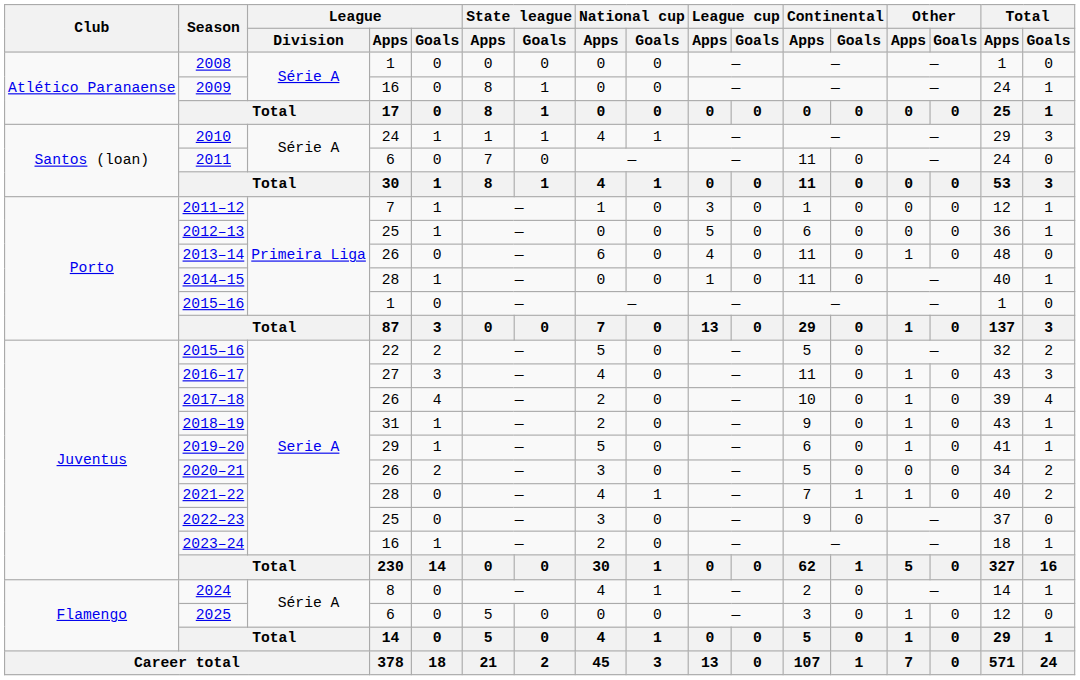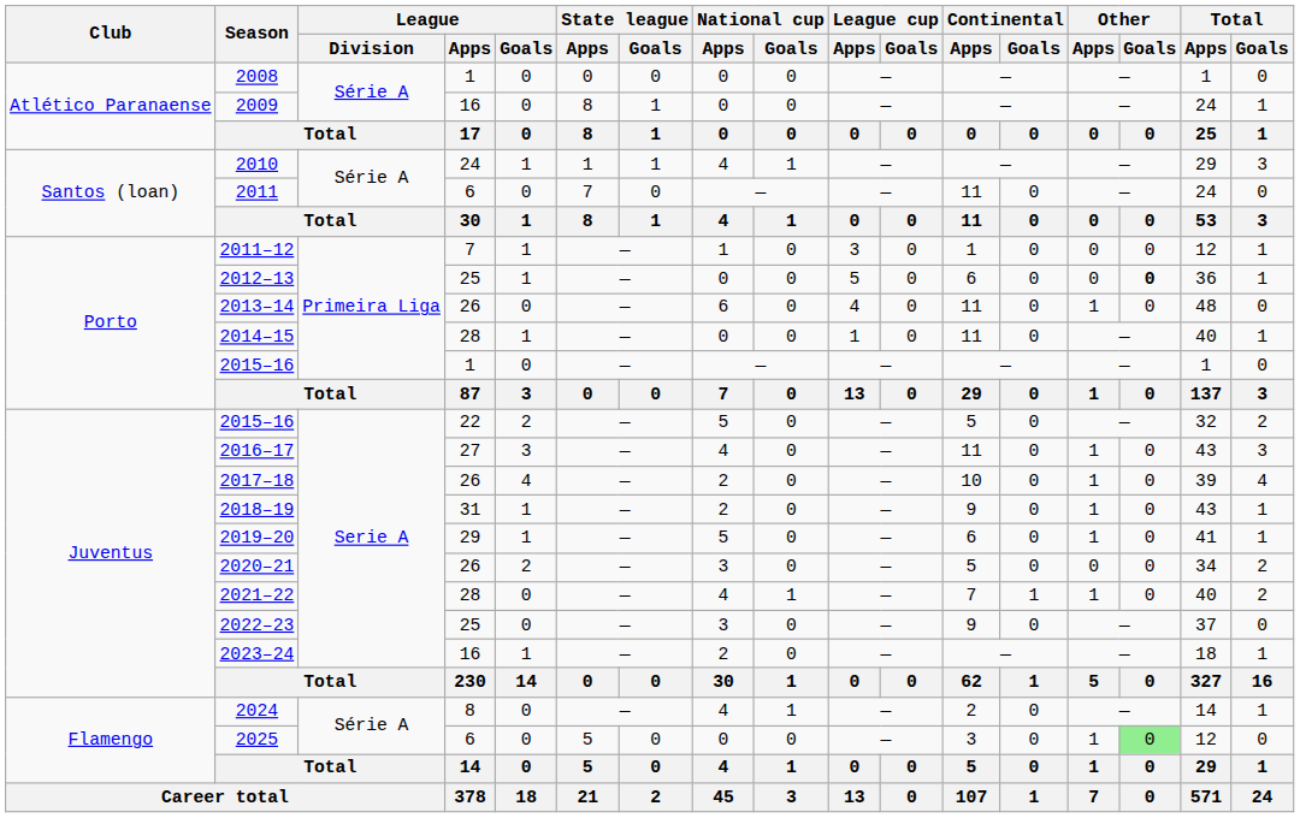 <table class="wikitable" style="text-align:center">
 <tr>
 <th rowspan="2">Club</th>
 <th rowspan="2">Season</th>
 <th colspan="3">League</th>
 <th colspan="2">State league</th>
 <th colspan="2">National cup</th>
 <th colspan="2">League cup</th>
 <th colspan="2">Continental</th>
 <th colspan="2">Other</th>
 <th colspan="2">Total</th>
 </tr>
 <tr>
 <th>Division</th>
 <th>Apps</th>
 <th>Goals</th>
 <th>Apps</th>
 <th>Goals</th>
 <th>Apps</th>
 <th>Goals</th>
 <th>Apps</th>
 <th>Goals</th>
 <th>Apps</th>
 <th>Goals</th>
 <th>Apps</th>
 <th>Goals</th>
 <th>Apps</th>
 <th>Goals</th>
 </tr>
 <tr>
 <td rowspan="3"><a href='#'>Atlético Paranaense</a></td>
 <td><a href='#'>2008</a></td>
 <td rowspan="2"><a href='#'>Série A</a></td>
 <td>1</td>
 <td>0</td>
 <td>0</td>
 <td>0</td>
 <td>0</td>
 <td>0</td>
 <td colspan="2">—</td>
 <td colspan="2">—</td>
 <td colspan="2">—</td>
 <td>1</td>
 <td>0</td>
 </tr>
 <tr>
 <td><a href='#'>2009</a></td>
 <td>16</td>
 <td>0</td>
 <td>8</td>
 <td>1</td>
 <td>0</td>
 <td>0</td>
 <td colspan="2">—</td>
 <td colspan="2">—</td>
 <td colspan="2">—</td>
 <td>24</td>
 <td>1</td>
 </tr>
 <tr>
 <th colspan="2">Total</th>
 <th>17</th>
 <th>0</th>
 <th>8</th>
 <th>1</th>
 <th>0</th>
 <th>0</th>
 <th>0</th>
 <th>0</th>
 <th>0</th>
 <th>0</th>
 <th>0</th>
 <th>0</th>
 <th>25</th>
 <th>1</th>
 </tr>
 <tr>
 <td rowspan="3"><a href='#'>Santos</a> (loan)</td>
 <td><a href='#'>2010</a></td>
 <td rowspan="2">Série A</td>
 <td>24</td>
 <td>1</td>
 <td>1</td>
 <td>1</td>
 <td>4</td>
 <td>1</td>
 <td colspan="2">—</td>
 <td colspan="2">—</td>
 <td colspan="2">—</td>
 <td>29</td>
 <td>3</td>
 </tr>
 <tr>
 <td><a href='#'>2011</a></td>
 <td>6</td>
 <td>0</td>
 <td>7</td>
 <td>0</td>
 <td colspan="2">—</td>
 <td colspan="2">—</td>
 <td>11</td>
 <td>0</td>
 <td colspan="2">—</td>
 <td>24</td>
 <td>0</td>
 </tr>
 <tr>
 <th colspan="2">Total</th>
 <th>30</th>
 <th>1</th>
 <th>8</th>
 <th>1</th>
 <th>4</th>
 <th>1</th>
 <th>0</th>
 <th>0</th>
 <th>11</th>
 <th>0</th>
 <th>0</th>
 <th>0</th>
 <th>53</th>
 <th>3</th>
 </tr>
 <tr>
 <td rowspan="6"><a href='#'>Porto</a></td>
 <td><a href='#'>2011–12</a></td>
 <td rowspan="5"><a href='#'>Primeira Liga</a></td>
 <td>7</td>
 <td>1</td>
 <td colspan="2">—</td>
 <td>1</td>
 <td>0</td>
 <td>3</td>
 <td>0</td>
 <td>1</td>
 <td>0</td>
 <td>0</td>
 <td>0</td>
 <td>12</td>
 <td>1</td>
 </tr>
 <tr>
 <td><a href='#'>2012–13</a></td>
 <td>25</td>
 <td>1</td>
 <td colspan="2">—</td>
 <td>0</td>
 <td>0</td>
 <td>5</td>
 <td>0</td>
 <td>6</td>
 <td>0</td>
 <td>0</td>
-<td>0</td>
+<td><strong>0</strong></td>
 <td>36</td>
 <td>1</td>
 </tr>
 <tr>
 <td><a href='#'>2013–14</a></td>
 <td>26</td>
 <td>0</td>
 <td colspan="2">—</td>
 <td>6</td>
 <td>0</td>
 <td>4</td>
 <td>0</td>
 <td>11</td>
 <td>0</td>
 <td>1</td>
 <td>0</td>
 <td>48</td>
 <td>0</td>
 </tr>
 <tr>
 <td><a href='#'>2014–15</a></td>
 <td>28</td>
 <td>1</td>
 <td colspan="2">—</td>
 <td>0</td>
 <td>0</td>
 <td>1</td>
 <td>0</td>
 <td>11</td>
 <td>0</td>
 <td colspan="2">—</td>
 <td>40</td>
 <td>1</td>
 </tr>
 <tr>
 <td><a href='#'>2015–16</a></td>
 <td>1</td>
 <td>0</td>
 <td colspan="2">—</td>
 <td colspan="2">—</td>
 <td colspan="2">—</td>
 <td colspan="2">—</td>
 <td colspan="2">—</td>
 <td>1</td>
 <td>0</td>
 </tr>
 <tr>
 <th colspan="2">Total</th>
 <th>87</th>
 <th>3</th>
 <th>0</th>
 <th>0</th>
 <th>7</th>
 <th>0</th>
 <th>13</th>
 <th>0</th>
 <th>29</th>
 <th>0</th>
 <th>1</th>
 <th>0</th>
 <th>137</th>
 <th>3</th>
 </tr>
 <tr>
 <td rowspan="10"><a href='#'>Juventus</a></td>
 <td><a href='#'>2015–16</a></td>
 <td rowspan="9"><a href='#'>Serie A</a></td>
 <td>22</td>
 <td>2</td>
 <td colspan="2">—</td>
 <td>5</td>
 <td>0</td>
 <td colspan="2">—</td>
 <td>5</td>
 <td>0</td>
 <td colspan="2">—</td>
 <td>32</td>
 <td>2</td>
 </tr>
 <tr>
 <td><a href='#'>2016–17</a></td>
 <td>27</td>
 <td>3</td>
 <td colspan="2">—</td>
 <td>4</td>
 <td>0</td>
 <td colspan="2">—</td>
 <td>11</td>
 <td>0</td>
 <td>1</td>
 <td>0</td>
 <td>43</td>
 <td>3</td>
 </tr>
 <tr>
 <td><a href='#'>2017–18</a></td>
 <td>26</td>
 <td>4</td>
 <td colspan="2">—</td>
 <td>2</td>
 <td>0</td>
 <td colspan="2">—</td>
 <td>10</td>
 <td>0</td>
 <td>1</td>
 <td>0</td>
 <td>39</td>
 <td>4</td>
 </tr>
 <tr>
 <td><a href='#'>2018–19</a></td>
 <td>31</td>
 <td>1</td>
 <td colspan="2">—</td>
 <td>2</td>
 <td>0</td>
 <td colspan="2">—</td>
 <td>9</td>
 <td>0</td>
 <td>1</td>
 <td>0</td>
 <td>43</td>
 <td>1</td>
 </tr>
 <tr>
 <td><a href='#'>2019–20</a></td>
 <td>29</td>
 <td>1</td>
 <td colspan="2">—</td>
 <td>5</td>
 <td>0</td>
 <td colspan="2">—</td>
 <td>6</td>
 <td>0</td>
 <td>1</td>
 <td>0</td>
 <td>41</td>
 <td>1</td>
 </tr>
 <tr>
 <td><a href='#'>2020–21</a></td>
 <td>26</td>
 <td>2</td>
 <td colspan="2">—</td>
 <td>3</td>
 <td>0</td>
 <td colspan="2">—</td>
 <td>5</td>
 <td>0</td>
 <td>0</td>
 <td>0</td>
 <td>34</td>
 <td>2</td>
 </tr>
 <tr>
 <td><a href='#'>2021–22</a></td>
 <td>28</td>
 <td>0</td>
 <td colspan="2">—</td>
 <td>4</td>
 <td>1</td>
 <td colspan="2">—</td>
 <td>7</td>
 <td>1</td>
 <td>1</td>
 <td>0</td>
 <td>40</td>
 <td>2</td>
 </tr>
 <tr>
 <td><a href='#'>2022–23</a></td>
 <td>25</td>
 <td>0</td>
 <td colspan="2">—</td>
 <td>3</td>
 <td>0</td>
 <td colspan="2">—</td>
 <td>9</td>
 <td>0</td>
 <td colspan="2">—</td>
 <td>37</td>
 <td>0</td>
 </tr>
 <tr>
 <td><a href='#'>2023–24</a></td>
 <td>16</td>
 <td>1</td>
 <td colspan="2">—</td>
 <td>2</td>
 <td>0</td>
 <td colspan="2">—</td>
 <td colspan="2">—</td>
 <td colspan="2">—</td>
 <td>18</td>
 <td>1</td>
 </tr>
 <tr>
 <th colspan="2">Total</th>
 <th>230</th>
 <th>14</th>
 <th>0</th>
 <th>0</th>
 <th>30</th>
 <th>1</th>
 <th>0</th>
 <th>0</th>
 <th>62</th>
 <th>1</th>
 <th>5</th>
 <th>0</th>
 <th>327</th>
 <th>16</th>
 </tr>
 <tr>
 <td rowspan="3"><a href='#'>Flamengo</a></td>
 <td><a href='#'>2024</a></td>
 <td rowspan="2">Série A</td>
 <td>8</td>
 <td>0</td>
 <td colspan="2">—</td>
 <td>4</td>
 <td>1</td>
 <td colspan="2">—</td>
 <td>2</td>
 <td>0</td>
 <td colspan="2">—</td>
 <td>14</td>
 <td>1</td>
 </tr>
 <tr>
 <td><a href='#'>2025</a></td>
 <td>6</td>
 <td>0</td>
 <td>5</td>
 <td>0</td>
 <td>0</td>
 <td>0</td>
 <td colspan="2">—</td>
 <td>3</td>
 <td>0</td>
 <td>1</td>
-<td>0</td>
+<td style="background: lightgreen;">0</td>
 <td>12</td>
 <td>0</td>
 </tr>
 <tr>
 <th colspan="2">Total</th>
 <th>14</th>
 <th>0</th>
 <th>5</th>
 <th>0</th>
 <th>4</th>
 <th>1</th>
 <th>0</th>
 <th>0</th>
 <th>5</th>
 <th>0</th>
 <th>1</th>
 <th>0</th>
 <th>29</th>
 <th>1</th>
 </tr>
 <tr>
 <th colspan="3">Career total</th>
 <th>378</th>
 <th>18</th>
 <th>21</th>
 <th>2</th>
 <th>45</th>
 <th>3</th>
 <th>13</th>
 <th>0</th>
 <th>107</th>
 <th>1</th>
 <th>7</th>
 <th>0</th>
 <th>571</th>
 <th>24</th>
 </tr>
 </table>
